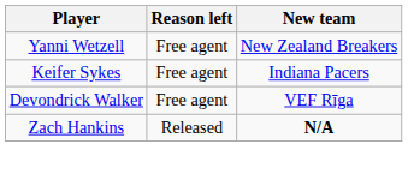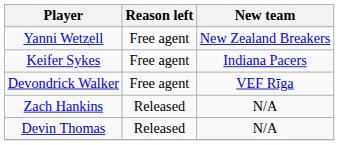 <table class="wikitable sortable sortable" style="text-align: center">
 <tr>
 <th>Player</th>
 <th>Reason left</th>
 <th>New team</th>
 </tr>
 <tr>
 <td><a href='#'>Yanni Wetzell</a></td>
 <td>Free agent</td>
 <td><a href='#'>New Zealand Breakers</a></td>
 </tr>
 <tr>
 <td><a href='#'>Keifer Sykes</a></td>
 <td>Free agent</td>
 <td><a href='#'>Indiana Pacers</a></td>
 </tr>
 <tr>
 <td><a href='#'>Devondrick Walker</a></td>
 <td>Free agent</td>
 <td><a href='#'>VEF Rīga</a></td>
 </tr>
 <tr>
 <td><a href='#'>Zach Hankins</a></td>
 <td>Released</td>
-<td><strong>N/A</strong></td>
+<td>N/A</td>
+</tr>
+<tr>
+<td><a href='#'>Devin Thomas</a></td>
+<td>Released</td>
+<td>N/A</td>
 </tr>
 <tr>
 </tr>
 </table>
